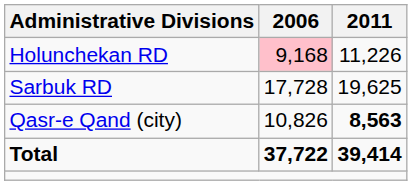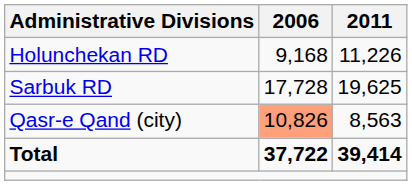 <table class="wikitable">
 <tr>
 <th>Administrative Divisions</th>
 <th>2006</th>
 <th>2011</th>
 </tr>
 <tr>
 <td><a href='#'>Holunchekan RD</a></td>
-<td style="background: pink; text-align: right;">9,168</td>
+<td style="text-align: right;">9,168</td>
 <td style="text-align: right;">11,226</td>
 </tr>
 <tr>
 <td><a href='#'>Sarbuk RD</a></td>
 <td style="text-align: right;">17,728</td>
 <td style="text-align: right;">19,625</td>
 </tr>
 <tr>
 <td><a href='#'>Qasr-e Qand</a> (city)</td>
-<td style="text-align: right;">10,826</td>
-<td style="text-align: right;"><strong>8,563</strong></td>
+<td style="background: lightsalmon; text-align: right;">10,826</td>
+<td style="text-align: right;">8,563</td>
 </tr>
 <tr>
 <td><strong>Total</strong></td>
 <td style="text-align: right;"><strong>37,722</strong></td>
 <td style="text-align: right;"><strong>39,414</strong></td>
 </tr>
 <tr>
 <td colspan=4></td>
 </tr>
 </table>
